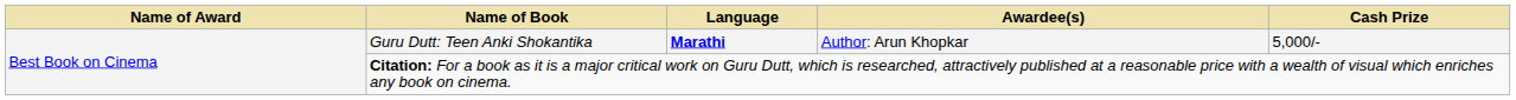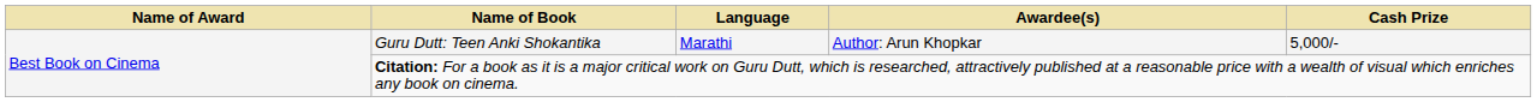 <table class="wikitable">
 <tr>
 <th style="background-color:#EFE4B0;width:24%;">Name of Award</th>
 <th style="background-color:#EFE4B0;width:20%;">Name of Book</th>
 <th style="background-color:#EFE4B0;width:10%;">Language</th>
 <th style="background-color:#EFE4B0;width:30%;">Awardee(s)</th>
 <th style="background-color:#EFE4B0;width:16%;">Cash Prize</th>
 </tr>
 <tr style="background-color:#F4F4F4">
 <td rowspan="2"><a href='#'>Best Book on Cinema</a></td>
 <td><em>Guru Dutt: Teen Anki Shokantika</em></td>
-<td><strong><a href='#'>Marathi</a></strong></td>
+<td><a href='#'>Marathi</a></td>
 <td><a href='#'>Author</a>: Arun Khopkar</td>
 <td> 5,000/-</td>
 </tr>
 <tr style="background-color:#F9F9F9">
 <td colspan="4"><strong>Citation:</strong> <em>For a book as it is a major critical work on Guru Dutt, which is researched, attractively published at a reasonable price with a wealth of visual which enriches any book on cinema.</em></td>
 </tr>
 </table>
